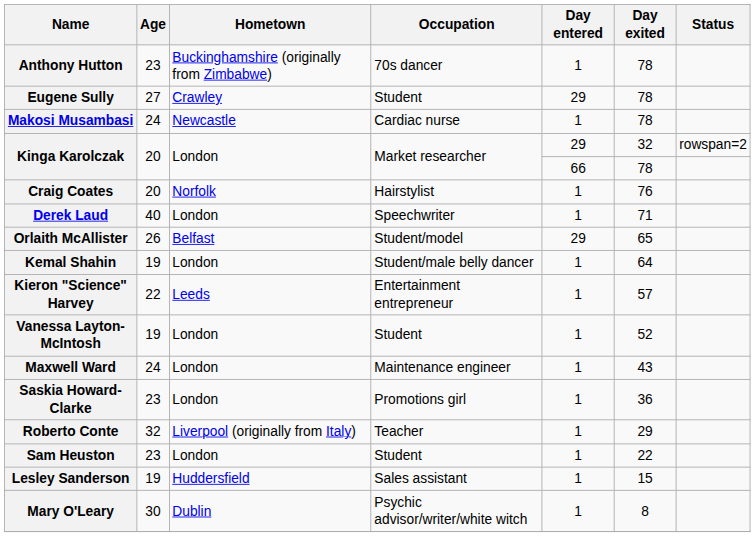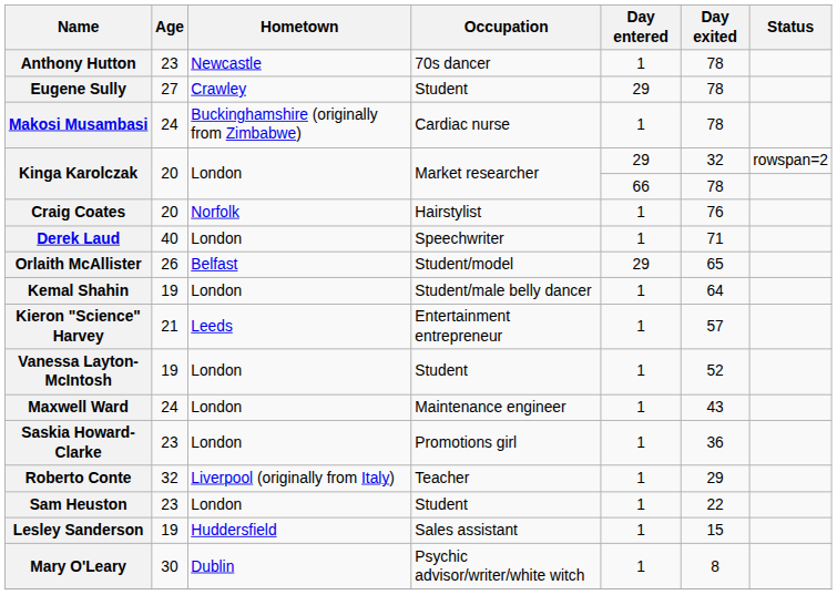 <table class="wikitable sortable" style="text-align:left; line-height:20px; width:auto;">
 <tr>
 <th scope="col">Name</th>
 <th scope="col">Age</th>
 <th scope="col">Hometown</th>
 <th scope="col">Occupation</th>
 <th scope="col">Day entered</th>
 <th scope="col">Day exited</th>
 <th scope="col">Status</th>
 </tr>
 <tr>
 <th scope="row">Anthony Hutton</th>
 <td align="center">23</td>
-<td><a href='#'>Buckinghamshire</a> (originally from <a href='#'>Zimbabwe</a>)</td>
+<td><a href='#'>Newcastle</a></td>
 <td>70s dancer</td>
 <td align="center">1</td>
 <td align="center">78</td>
 <td></td>
 </tr>
 <tr>
 <th scope="row">Eugene Sully</th>
 <td align="center">27</td>
 <td><a href='#'>Crawley</a></td>
 <td>Student</td>
 <td align="center">29</td>
 <td align="center">78</td>
 <td></td>
 </tr>
 <tr>
 <th scope="row"><a href='#'>Makosi Musambasi</a></th>
 <td align="center">24</td>
-<td><a href='#'>Newcastle</a></td>
+<td><a href='#'>Buckinghamshire</a> (originally from <a href='#'>Zimbabwe</a>)</td>
 <td>Cardiac nurse</td>
 <td align="center">1</td>
 <td align="center">78</td>
 <td></td>
 </tr>
 <tr>
 <th scope="row" rowspan=2>Kinga Karolczak</th>
 <td rowspan=2 align="center">20</td>
 <td rowspan=2>London</td>
 <td rowspan=2>Market researcher</td>
 <td align="center">29</td>
 <td align="center">32</td>
 <td>rowspan=2 </td>
 </tr>
 <tr>
 <td align="center">66</td>
 <td align="center">78</td>
 </tr>
 <tr>
 <th scope="row">Craig Coates</th>
 <td align="center">20</td>
 <td><a href='#'>Norfolk</a></td>
 <td>Hairstylist</td>
 <td align="center">1</td>
 <td align="center">76</td>
 <td></td>
 </tr>
 <tr>
 <th scope="row"><a href='#'>Derek Laud</a></th>
 <td align="center">40</td>
 <td>London</td>
 <td>Speechwriter</td>
 <td align="center">1</td>
 <td align="center">71</td>
 <td></td>
 </tr>
 <tr>
 <th scope="row">Orlaith McAllister</th>
 <td align="center">26</td>
 <td><a href='#'>Belfast</a></td>
 <td>Student/model</td>
 <td align="center">29</td>
 <td align="center">65</td>
 <td></td>
 </tr>
 <tr>
 <th scope="row">Kemal Shahin</th>
 <td align="center">19</td>
 <td>London</td>
 <td>Student/male belly dancer</td>
 <td align="center">1</td>
 <td align="center">64</td>
 <td></td>
 </tr>
 <tr>
 <th scope="row">Kieron "Science" Harvey</th>
-<td align="center">22</td>
+<td align="center">21</td>
 <td><a href='#'>Leeds</a></td>
 <td>Entertainment entrepreneur</td>
 <td align="center">1</td>
 <td align="center">57</td>
 <td></td>
 </tr>
 <tr>
 <th scope="row">Vanessa Layton-McIntosh</th>
 <td align="center">19</td>
 <td>London</td>
 <td>Student</td>
 <td align="center">1</td>
 <td align="center">52</td>
 <td></td>
 </tr>
 <tr>
 <th scope="row">Maxwell Ward</th>
 <td align="center">24</td>
 <td>London</td>
 <td>Maintenance engineer</td>
 <td align="center">1</td>
 <td align="center">43</td>
 <td></td>
 </tr>
 <tr>
 <th scope="row">Saskia Howard-Clarke</th>
 <td align="center">23</td>
 <td>London</td>
 <td>Promotions girl</td>
 <td align="center">1</td>
 <td align="center">36</td>
 <td></td>
 </tr>
 <tr>
 <th scope="row">Roberto Conte</th>
 <td align="center">32</td>
 <td><a href='#'>Liverpool</a> (originally from <a href='#'>Italy</a>)</td>
 <td>Teacher</td>
 <td align="center">1</td>
 <td align="center">29</td>
 <td></td>
 </tr>
 <tr>
 <th scope="row">Sam Heuston</th>
 <td align="center">23</td>
 <td>London</td>
 <td>Student</td>
 <td align="center">1</td>
 <td align="center">22</td>
 <td></td>
 </tr>
 <tr>
 <th scope="row">Lesley Sanderson</th>
 <td align="center">19</td>
 <td><a href='#'>Huddersfield</a></td>
 <td>Sales assistant</td>
 <td align="center">1</td>
 <td align="center">15</td>
 <td></td>
 </tr>
 <tr>
 <th scope="row">Mary O'Leary</th>
 <td align="center">30</td>
 <td><a href='#'>Dublin</a></td>
 <td>Psychic advisor/writer/white witch</td>
 <td align="center">1</td>
 <td align="center">8</td>
 <td></td>
 </tr>
 <tr>
 </tr>
 </table>
